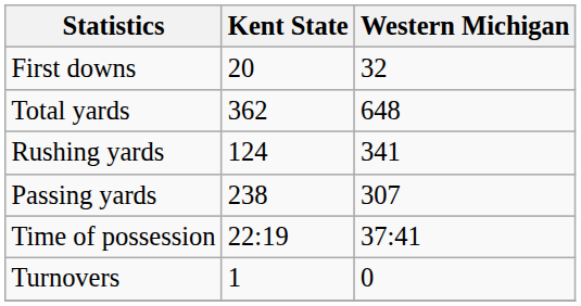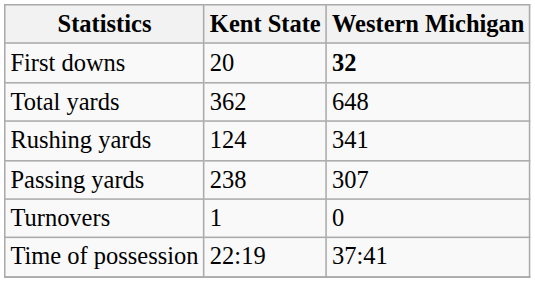 <table class="wikitable">
 <tr>
 <th>Statistics</th>
 <th>Kent State</th>
 <th>Western Michigan</th>
 </tr>
 <tr>
 <td>First downs</td>
 <td>20</td>
-<td>32</td>
+<td><strong>32</strong></td>
 </tr>
 <tr>
 <td>Total yards</td>
 <td>362</td>
 <td>648</td>
 </tr>
 <tr>
 <td>Rushing yards</td>
 <td>124</td>
 <td>341</td>
 </tr>
 <tr>
 <td>Passing yards</td>
 <td>238</td>
 <td>307</td>
 </tr>
 <tr>
+<td>Turnovers</td>
+<td>1</td>
+<td>0</td>
+</tr>
+<tr>
 <td>Time of possession</td>
 <td>22:19</td>
 <td>37:41</td>
 </tr>
 <tr>
-<td>Turnovers</td>
-<td>1</td>
-<td>0</td>
-</tr>
-<tr>
 </tr>
 </table>
